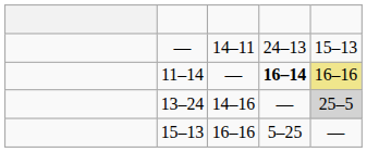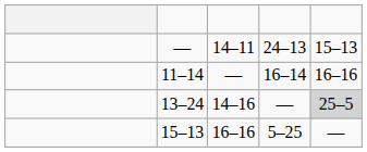 <table class="wikitable" style="text-align:center; font-size:90%;">
 <tr>
 <th width=120> </th>
 <td><strong></strong></td>
 <td><strong></strong></td>
 <td><strong></strong></td>
 <td><strong></strong></td>
 </tr>
 <tr>
 <td style="text-align:left;"></td>
 <td>—</td>
 <td>14–11</td>
 <td>24–13</td>
 <td>15–13</td>
 </tr>
 <tr>
 <td style="text-align:left;"></td>
 <td>11–14</td>
 <td>—</td>
-<td><strong>16–14</strong></td>
-<td style="background: khaki;">16–16</td>
+<td>16–14</td>
+<td>16–16</td>
 </tr>
 <tr>
 <td style="text-align:left;"></td>
 <td>13–24</td>
 <td>14–16</td>
 <td>—</td>
 <td style="background: lightgrey;">25–5</td>
 </tr>
 <tr>
 <td style="text-align:left;"></td>
 <td>15–13</td>
 <td>16–16</td>
 <td>5–25</td>
 <td>—</td>
 </tr>
 </table>
